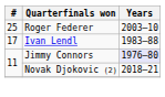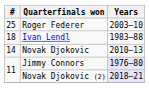 <table class="wikitable" style="display:inline-table">
 <tr>
 <th width=20>#</th>
 <th>Quarterfinals won</th>
 <th>Years</th>
 </tr>
 <tr>
 <td>25</td>
 <td> Roger Federer</td>
 <td>2003–10</td>
 </tr>
 <tr>
-<td>17</td>
+<td>18</td>
 <td> <a href='#'>Ivan Lendl</a></td>
 <td>1983–88</td>
+</tr>
+<tr>
+<td>14</td>
+<td> Novak Djokovic</td>
+<td>2010–13</td>
 </tr>
 <tr>
 <td rowspan="2">11</td>
 <td> Jimmy Connors</td>
 <td style="background: lavender;">1976–80</td>
 </tr>
 <tr>
 <td> Novak Djokovic <small>(2)</small></td>
-<td>2018–21</td>
+<td style="background: lavender;">2018–21</td>
 </tr>
 <tr>
 </tr>
 </table>
